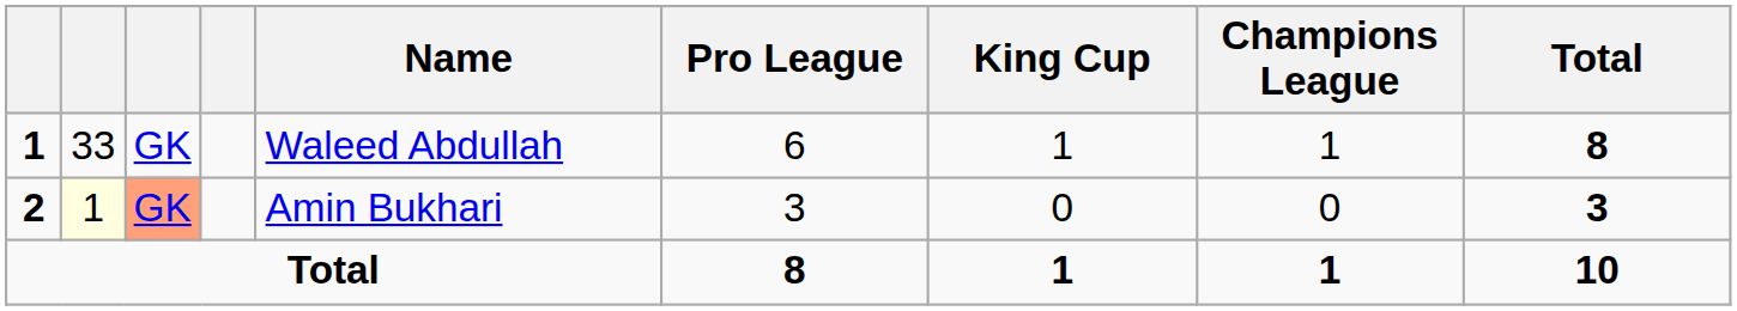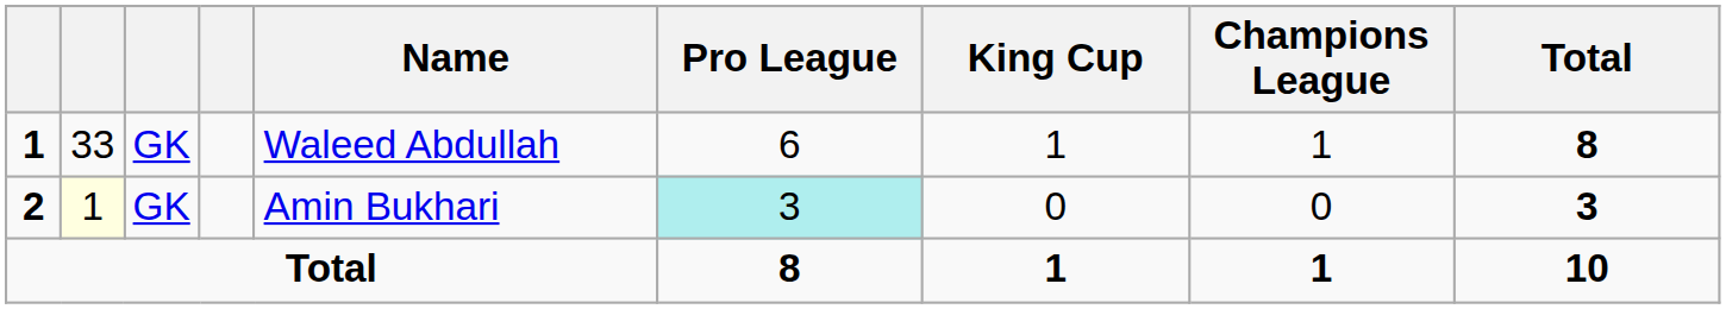 <table class="wikitable" style="text-align:center">
 <tr>
 <th width=15></th>
 <th width=15></th>
 <th width=15></th>
 <th width=15></th>
 <th width=155>Name</th>
 <th width=100>Pro League</th>
 <th width=100>King Cup</th>
 <th width=100>Champions League</th>
 <th width=100>Total</th>
 </tr>
 <tr>
 <td><strong>1</strong></td>
 <td>33</td>
 <td><a href='#'>GK</a></td>
 <td></td>
 <td align=left><a href='#'>Waleed Abdullah</a></td>
 <td>6</td>
 <td>1</td>
 <td>1</td>
 <td><strong>8</strong></td>
 </tr>
 <tr>
 <td><strong>2</strong></td>
 <td style="background: lightyellow;">1</td>
-<td style="background: lightsalmon;"><a href='#'>GK</a></td>
+<td><a href='#'>GK</a></td>
 <td></td>
 <td align=left><a href='#'>Amin Bukhari</a></td>
-<td>3</td>
+<td style="background: paleturquoise;">3</td>
 <td>0</td>
 <td>0</td>
 <td><strong>3</strong></td>
 </tr>
 <tr>
 <td colspan=5><strong>Total</strong></td>
 <td><strong>8</strong></td>
 <td><strong>1</strong></td>
 <td><strong>1</strong></td>
 <td><strong>10</strong></td>
 </tr>
 </table>
